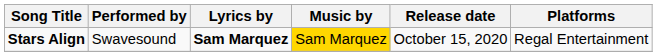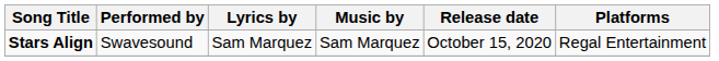 <table class=wikitable>
 <tr>
 <th>Song Title</th>
 <th>Performed by</th>
 <th>Lyrics by</th>
 <th>Music by</th>
 <th>Release date</th>
 <th>Platforms</th>
 </tr>
 <tr>
 <td><strong>Stars Align</strong></td>
 <td>Swavesound</td>
-<td><strong>Sam Marquez</strong></td>
-<td style="background: gold;">Sam Marquez</td>
+<td>Sam Marquez</td>
+<td>Sam Marquez</td>
 <td>October 15, 2020</td>
 <td>Regal Entertainment</td>
 </tr>
 <tr>
 </tr>
 </table>
